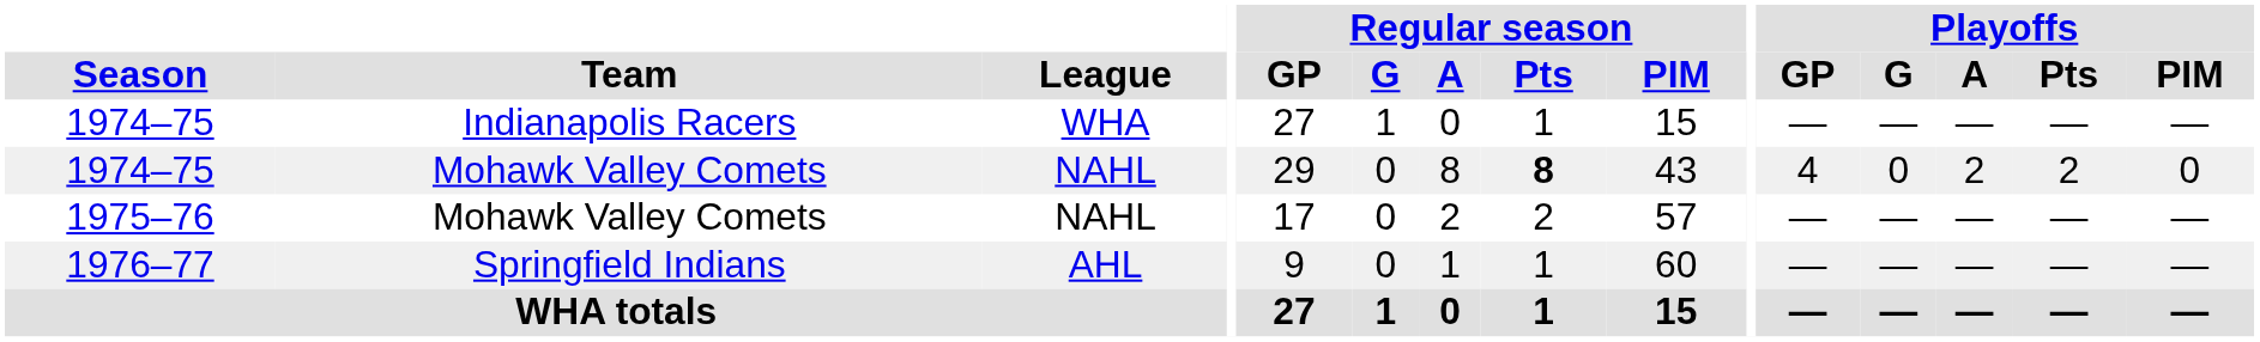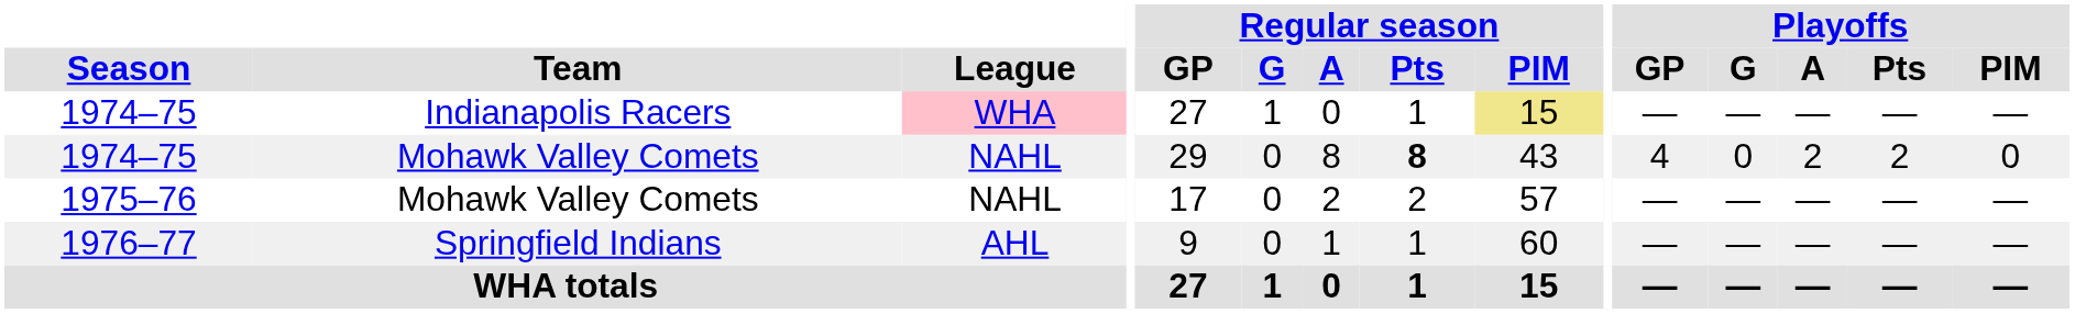 <table border="0" cellpadding="1" cellspacing="0" style="text-align:center; width:75%">
 <tr bgcolor="#e0e0e0">
 <th colspan="3" bgcolor="#ffffff"></th>
 <th rowspan="99" bgcolor="#ffffff"></th>
 <th colspan="5"><a href='#'>Regular season</a></th>
 <th rowspan="99" bgcolor="#ffffff"></th>
 <th colspan="5"><a href='#'>Playoffs</a></th>
 </tr>
 <tr bgcolor="#e0e0e0">
 <th><a href='#'>Season</a></th>
 <th>Team</th>
 <th>League</th>
 <th>GP</th>
 <th><a href='#'>G</a></th>
 <th><a href='#'>A</a></th>
 <th><a href='#'>Pts</a></th>
 <th><a href='#'>PIM</a></th>
 <th>GP</th>
 <th>G</th>
 <th>A</th>
 <th>Pts</th>
 <th>PIM</th>
 </tr>
 <tr>
 <td><a href='#'>1974–75</a></td>
 <td><a href='#'>Indianapolis Racers</a></td>
-<td><a href='#'>WHA</a></td>
+<td style="background: pink;"><a href='#'>WHA</a></td>
 <td>27</td>
 <td>1</td>
 <td>0</td>
 <td>1</td>
-<td>15</td>
+<td style="background: khaki;">15</td>
 <td>—</td>
 <td>—</td>
 <td>—</td>
 <td>—</td>
 <td>—</td>
 </tr>
 <tr bgcolor="#f0f0f0">
 <td><a href='#'>1974–75</a></td>
 <td><a href='#'>Mohawk Valley Comets</a></td>
 <td><a href='#'>NAHL</a></td>
 <td>29</td>
 <td>0</td>
 <td>8</td>
 <td><strong>8</strong></td>
 <td>43</td>
 <td>4</td>
 <td>0</td>
 <td>2</td>
 <td>2</td>
 <td>0</td>
 </tr>
 <tr>
 <td><a href='#'>1975–76</a></td>
 <td>Mohawk Valley Comets</td>
 <td>NAHL</td>
 <td>17</td>
 <td>0</td>
 <td>2</td>
 <td>2</td>
 <td>57</td>
 <td>—</td>
 <td>—</td>
 <td>—</td>
 <td>—</td>
 <td>—</td>
 </tr>
 <tr bgcolor="#f0f0f0">
 <td><a href='#'>1976–77</a></td>
 <td><a href='#'>Springfield Indians</a></td>
 <td><a href='#'>AHL</a></td>
 <td>9</td>
 <td>0</td>
 <td>1</td>
 <td>1</td>
 <td>60</td>
 <td>—</td>
 <td>—</td>
 <td>—</td>
 <td>—</td>
 <td>—</td>
 </tr>
 <tr ALIGN="center" bgcolor="#e0e0e0">
 <th colspan="3">WHA totals</th>
 <th>27</th>
 <th>1</th>
 <th>0</th>
 <th>1</th>
 <th>15</th>
 <th>—</th>
 <th>—</th>
 <th>—</th>
 <th>—</th>
 <th>—</th>
 </tr>
 </table>
